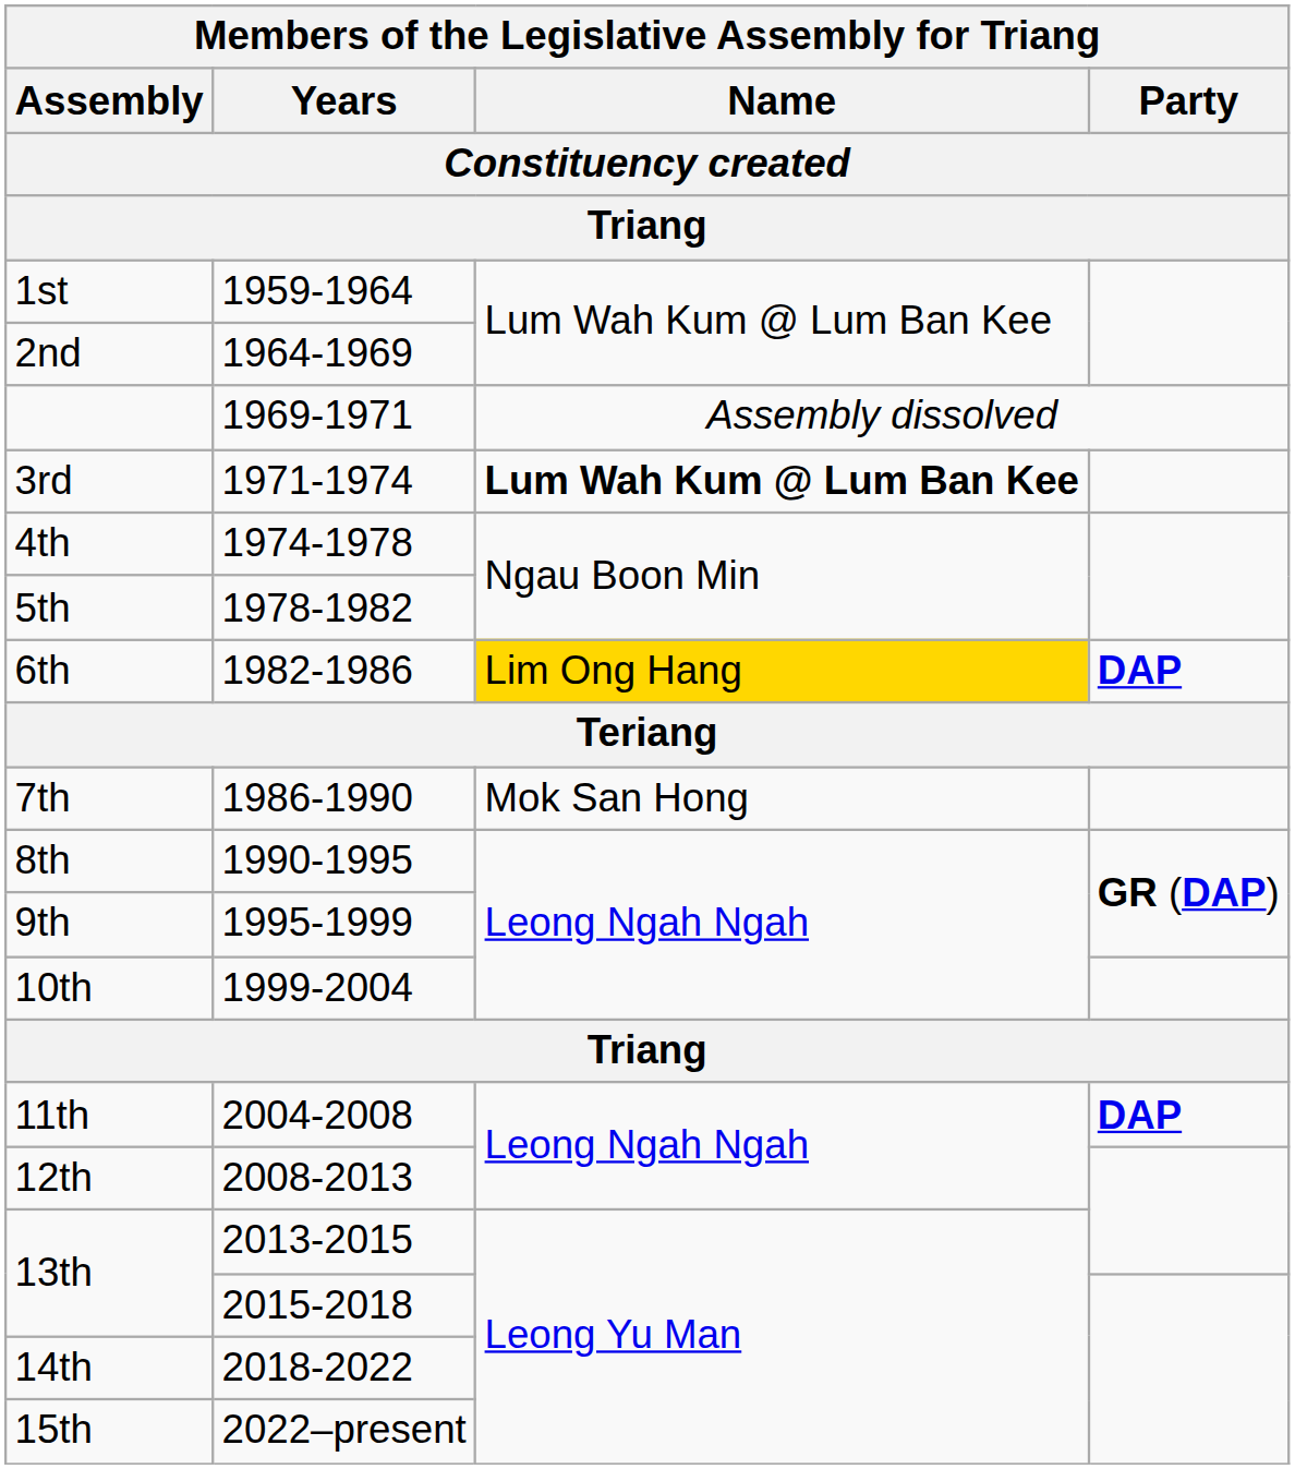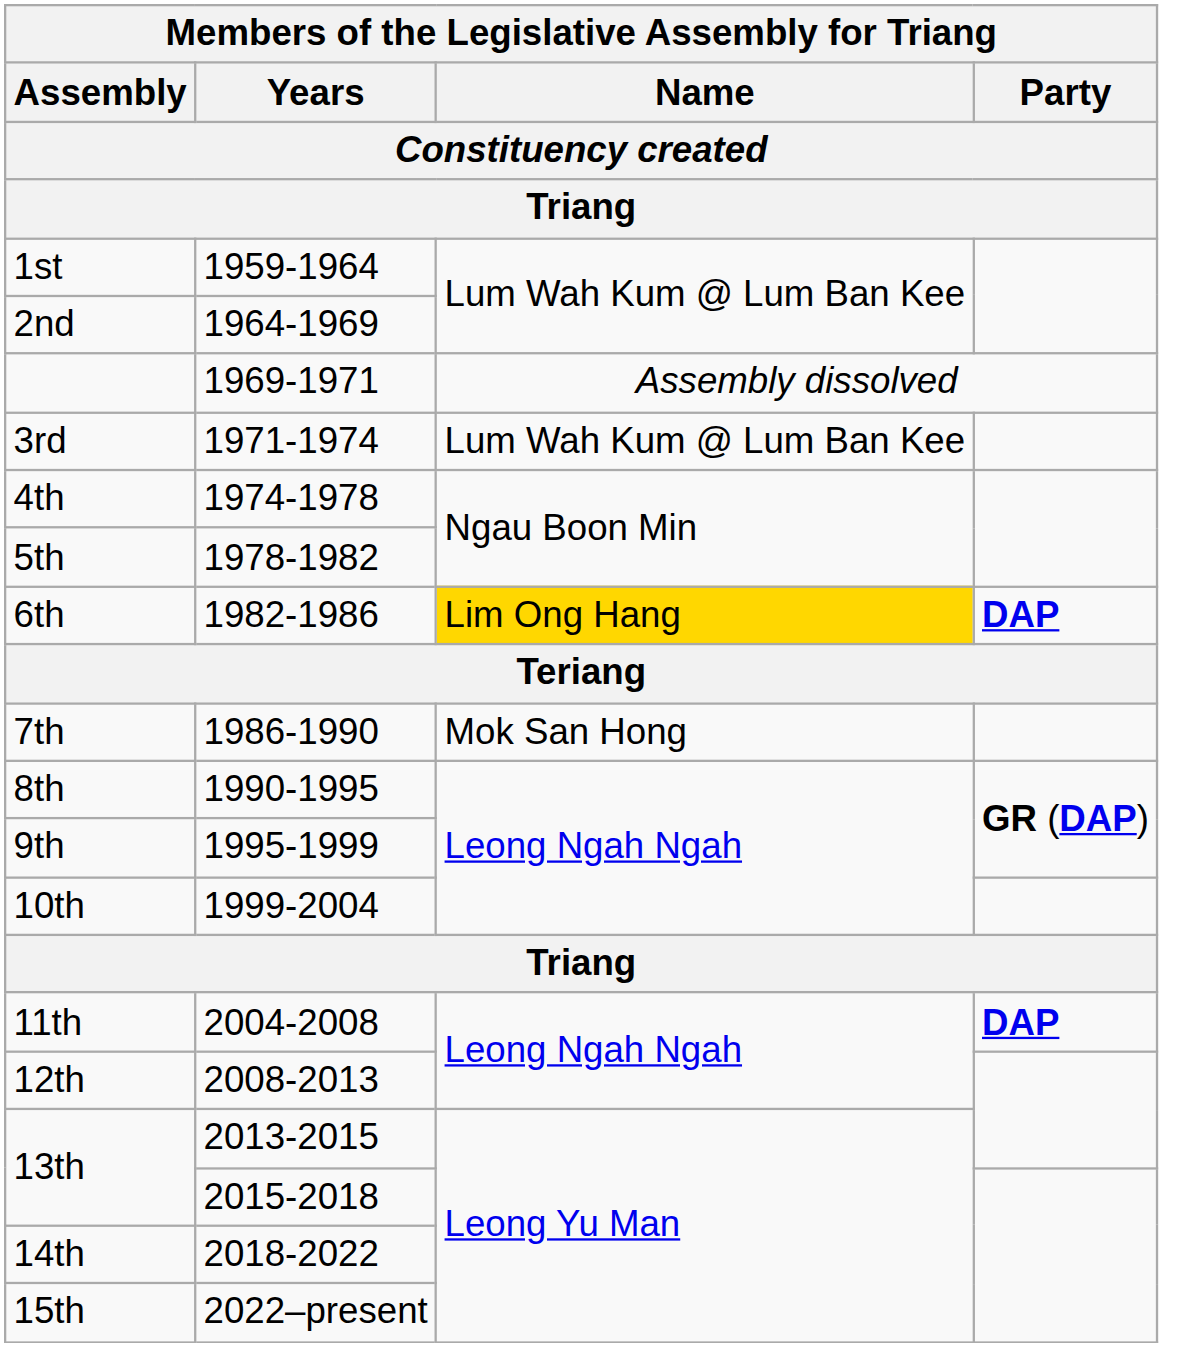 <table class="wikitable">
 <tr>
 <th colspan="4">Members of the Legislative Assembly for Triang</th>
 </tr>
 <tr>
 <th>Assembly</th>
 <th>Years</th>
 <th>Name</th>
 <th>Party</th>
 </tr>
 <tr>
 <th colspan="4"><em>Constituency created</em></th>
 </tr>
 <tr>
 <th colspan=4 align=center>Triang</th>
 </tr>
 <tr>
 <td>1st</td>
 <td>1959-1964</td>
 <td rowspan="2">Lum Wah Kum @ Lum Ban Kee</td>
 <td rowspan="2"></td>
 </tr>
 <tr>
 <td>2nd</td>
 <td>1964-1969</td>
 </tr>
 <tr>
 <td></td>
 <td>1969-1971</td>
 <td colspan=2 align=center><em>Assembly dissolved</em></td>
 </tr>
 <tr>
 <td>3rd</td>
 <td>1971-1974</td>
-<td><strong>Lum Wah Kum @ Lum Ban Kee</strong></td>
+<td>Lum Wah Kum @ Lum Ban Kee</td>
 <td></td>
 </tr>
 <tr>
 <td>4th</td>
 <td>1974-1978</td>
 <td rowspan="2">Ngau Boon Min</td>
 <td rowspan="2"></td>
 </tr>
 <tr>
 <td>5th</td>
 <td>1978-1982</td>
 </tr>
 <tr>
 <td>6th</td>
 <td>1982-1986</td>
 <td style="background: gold;">Lim Ong Hang</td>
 <td><strong><a href='#'>DAP</a></strong></td>
 </tr>
 <tr>
 <th colspan=4 align=center>Teriang</th>
 </tr>
 <tr>
 <td>7th</td>
 <td>1986-1990</td>
 <td>Mok San Hong</td>
 <td></td>
 </tr>
 <tr>
 <td>8th</td>
 <td>1990-1995</td>
 <td rowspan="3"><a href='#'>Leong Ngah Ngah</a></td>
 <td rowspan=2><strong>GR</strong> (<strong><a href='#'>DAP</a></strong>)</td>
 </tr>
 <tr>
 <td>9th</td>
 <td>1995-1999</td>
 </tr>
 <tr>
 <td>10th</td>
 <td>1999-2004</td>
 <td></td>
 </tr>
 <tr>
 <th colspan=4 align=center>Triang</th>
 </tr>
 <tr>
 <td>11th</td>
 <td>2004-2008</td>
 <td rowspan="2"><a href='#'>Leong Ngah Ngah</a></td>
 <td><strong><a href='#'>DAP</a></strong></td>
 </tr>
 <tr>
 <td>12th</td>
 <td>2008-2013</td>
 <td rowspan=2></td>
 </tr>
 <tr>
 <td rowspan=2>13th</td>
 <td>2013-2015</td>
 <td rowspan=4><a href='#'>Leong Yu Man</a></td>
 </tr>
 <tr>
 <td>2015-2018</td>
 <td rowspan=3></td>
 </tr>
 <tr>
 <td>14th</td>
 <td>2018-2022</td>
 </tr>
 <tr>
 <td>15th</td>
 <td>2022–present</td>
 </tr>
 </table>
